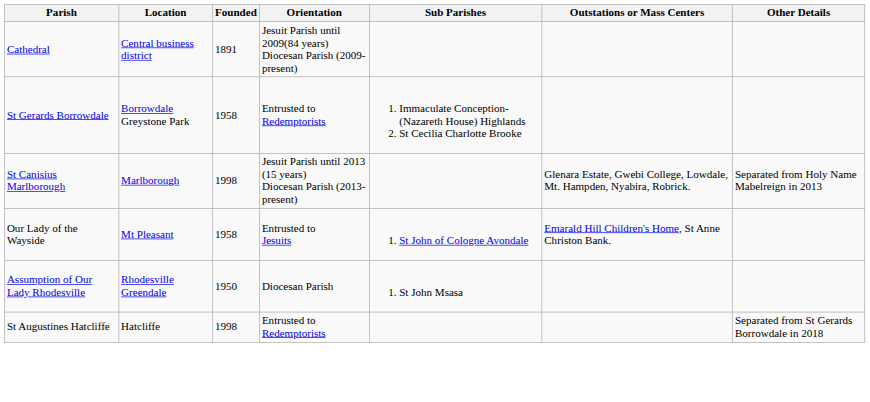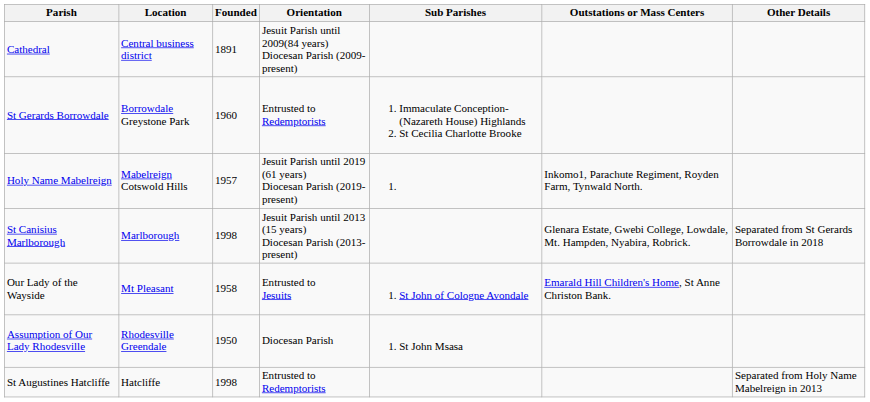 <table class="wikitable sortable">
 <tr>
 <th>Parish</th>
 <th>Location</th>
 <th>Founded</th>
 <th>Orientation</th>
 <th>Sub Parishes</th>
 <th>Outstations or Mass Centers</th>
 <th>Other Details</th>
 </tr>
 <tr>
 <td><a href='#'>Cathedral</a></td>
 <td><a href='#'>Central business district</a></td>
 <td>1891</td>
 <td>Jesuit Parish until 2009(84 years)<br>Diocesan Parish (2009-present)</td>
 <td></td>
 <td></td>
 <td></td>
 </tr>
 <tr>
 <td><a href='#'>St Gerards Borrowdale</a></td>
 <td><a href='#'>Borrowdale</a> Greystone Park</td>
-<td>1958</td>
+<td>1960</td>
 <td>Entrusted to <a href='#'>Redemptorists</a></td>
 <td><br><ol><li>Immaculate Conception-(Nazareth House) Highlands</li><li>St Cecilia Charlotte Brooke</li></ol></td>
 <td></td>
+<td></td>
+</tr>
+<tr>
+<td><a href='#'>Holy Name Mabelreign</a></td>
+<td><a href='#'>Mabelreign</a><br>Cotswold Hills</td>
+<td>1957</td>
+<td>Jesuit Parish until 2019 (61 years)<br>Diocesan Parish (2019-present)</td>
+<td><br><ol><li></li></ol></td>
+<td>Inkomo1, Parachute Regiment, Royden Farm, Tynwald North.</td>
 <td></td>
 </tr>
 <tr>
 <td><a href='#'>St Canisius Marlborough</a></td>
 <td><a href='#'>Marlborough</a></td>
 <td>1998</td>
 <td>Jesuit Parish until 2013 (15 years)<br>Diocesan Parish (2013-present)</td>
 <td></td>
 <td>Glenara Estate, Gwebi College, Lowdale, Mt. Hampden, Nyabira, Robrick.</td>
-<td> Separated from Holy Name Mabelreign in 2013 </td>
+<td>Separated from St Gerards Borrowdale in 2018 </td>
 </tr>
 <tr>
 <td>Our Lady of the Wayside</td>
 <td><a href='#'>Mt Pleasant</a></td>
 <td>1958</td>
 <td>Entrusted to<br><a href='#'>Jesuits</a></td>
 <td><br><ol><li><a href='#'>St John of Cologne Avondale</a></li></ol></td>
 <td><a href='#'>Emarald Hill Children's Home</a>, St Anne Christon Bank.</td>
 <td></td>
 </tr>
 <tr>
 <td><a href='#'>Assumption of Our Lady Rhodesville</a></td>
 <td><a href='#'>Rhodesville</a><br><a href='#'>Greendale</a></td>
 <td>1950</td>
 <td>Diocesan Parish</td>
 <td><br><ol><li>St John Msasa</li></ol></td>
 <td></td>
 <td></td>
 </tr>
 <tr>
 <td>St Augustines Hatcliffe</td>
 <td>Hatcliffe</td>
 <td>1998</td>
 <td>Entrusted to <a href='#'>Redemptorists</a></td>
 <td></td>
 <td></td>
-<td>Separated from St Gerards Borrowdale in 2018 </td>
+<td> Separated from Holy Name Mabelreign in 2013 </td>
 </tr>
 </table>
